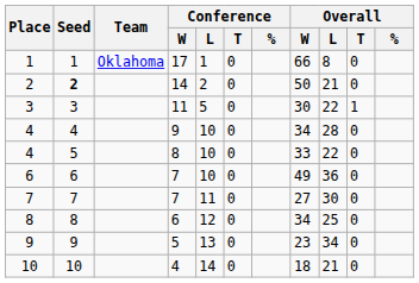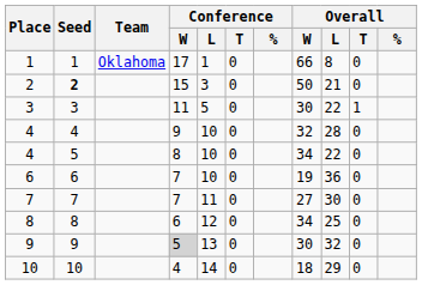 <table class="wikitable">
 <tr>
 <th rowspan ="2">Place</th>
 <th rowspan ="2">Seed</th>
 <th rowspan ="2">Team</th>
 <th colspan = "4">Conference</th>
 <th colspan = "4">Overall</th>
 </tr>
 <tr>
 <th scope="col" style="width: 20px;">W</th>
 <th scope="col" style="width: 20px;">L</th>
 <th scope="col" style="width: 20px;">T</th>
 <th scope="col" style="width: 30px;">%</th>
 <th scope="col" style="width: 20px;">W</th>
 <th scope="col" style="width: 20px;">L</th>
 <th scope="col" style="width: 20px;">T</th>
 <th scope="col" style="width: 30px;">%</th>
 </tr>
 <tr>
 <td style="text-align:center;">1</td>
 <td style="text-align:center;">1</td>
 <td><a href='#'>Oklahoma</a></td>
 <td>17</td>
 <td>1</td>
 <td>0</td>
 <td></td>
 <td>66</td>
 <td>8</td>
 <td>0</td>
 <td></td>
 </tr>
 <tr>
 <td style="text-align:center;">2</td>
 <td style="text-align:center;"><strong>2</strong></td>
 <td></td>
-<td>14</td>
-<td>2</td>
+<td>15</td>
+<td>3</td>
 <td>0</td>
 <td></td>
 <td>50</td>
 <td>21</td>
 <td>0</td>
 <td></td>
 </tr>
 <tr>
 <td style="text-align:center;">3</td>
 <td style="text-align:center;">3</td>
 <td></td>
 <td>11</td>
 <td>5</td>
 <td>0</td>
 <td></td>
 <td>30</td>
 <td>22</td>
 <td>1</td>
 <td></td>
 </tr>
 <tr>
 <td style="text-align:center;">4</td>
 <td style="text-align:center;">4</td>
 <td></td>
 <td>9</td>
 <td>10</td>
 <td>0</td>
 <td></td>
-<td>34</td>
+<td>32</td>
 <td>28</td>
 <td>0</td>
 <td></td>
 </tr>
 <tr>
 <td style="text-align:center;">4</td>
 <td style="text-align:center;">5</td>
 <td></td>
 <td>8</td>
 <td>10</td>
 <td>0</td>
 <td></td>
-<td>33</td>
+<td>34</td>
 <td>22</td>
 <td>0</td>
 <td></td>
 </tr>
 <tr>
 <td style="text-align:center;">6</td>
 <td style="text-align:center;">6</td>
 <td></td>
 <td>7</td>
 <td>10</td>
 <td>0</td>
 <td></td>
-<td>49</td>
+<td>19</td>
 <td>36</td>
 <td>0</td>
 <td></td>
 </tr>
 <tr>
 <td style="text-align:center;">7</td>
 <td style="text-align:center;">7</td>
 <td></td>
 <td>7</td>
 <td>11</td>
 <td>0</td>
 <td></td>
 <td>27</td>
 <td>30</td>
 <td>0</td>
 <td></td>
 </tr>
 <tr>
 <td style="text-align:center;">8</td>
 <td style="text-align:center;">8</td>
 <td></td>
 <td>6</td>
 <td>12</td>
 <td>0</td>
 <td></td>
 <td>34</td>
 <td>25</td>
 <td>0</td>
 <td></td>
 </tr>
 <tr>
 <td style="text-align:center;">9</td>
 <td style="text-align:center;">9</td>
 <td></td>
-<td>5</td>
+<td style="background: lightgrey;">5</td>
 <td>13</td>
 <td>0</td>
 <td></td>
-<td>23</td>
-<td>34</td>
+<td>30</td>
+<td>32</td>
 <td>0</td>
 <td></td>
 </tr>
 <tr>
 <td style="text-align:center;">10</td>
 <td style="text-align:center;">10</td>
 <td></td>
 <td>4</td>
 <td>14</td>
 <td>0</td>
 <td></td>
 <td>18</td>
-<td>21</td>
+<td>29</td>
 <td>0</td>
 <td></td>
 </tr>
 </table>
